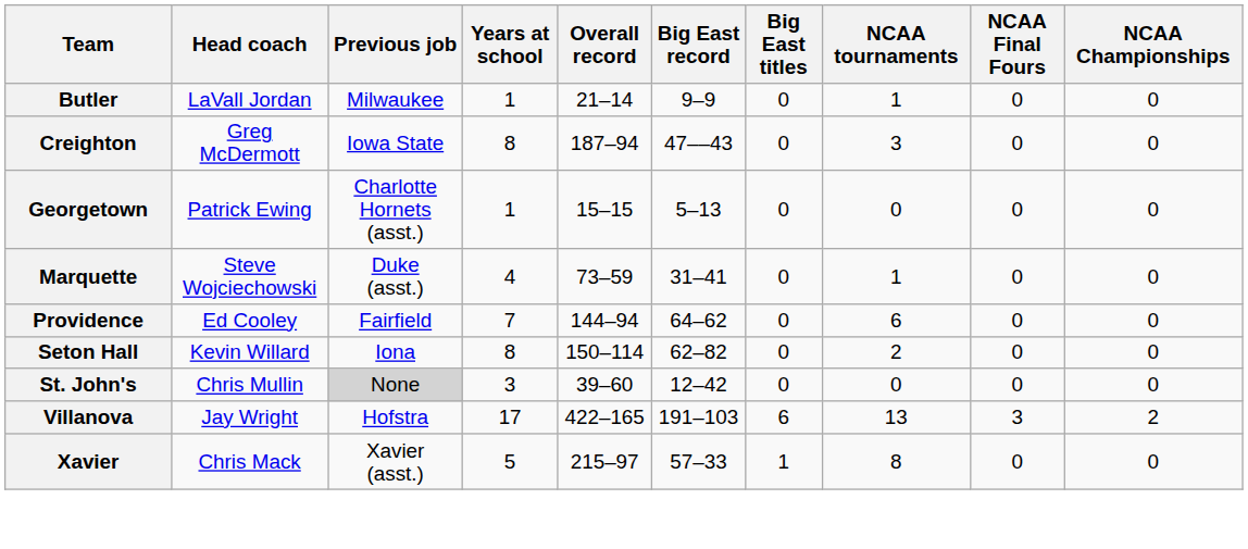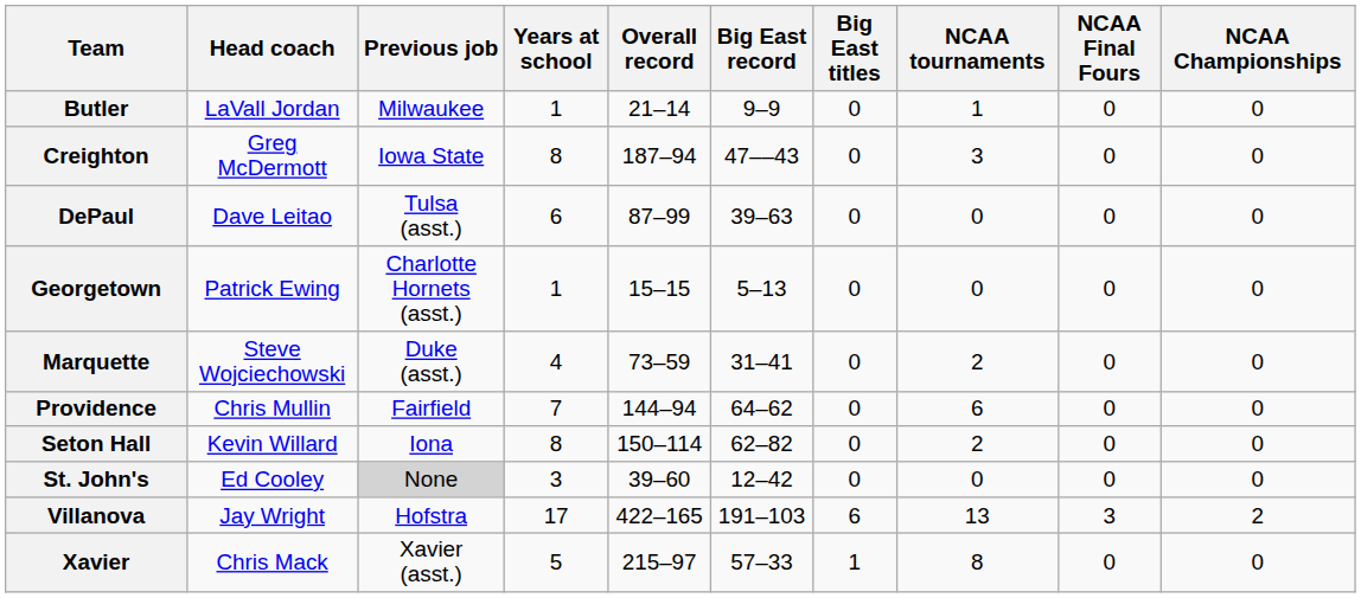 <table class="wikitable sortable" style="text-align: center;font-size:90%;">
 <tr>
 <th width="110">Team</th>
 <th>Head coach</th>
 <th>Previous job</th>
 <th>Years at school</th>
 <th>Overall record</th>
 <th>Big East record</th>
 <th>Big East titles</th>
 <th>NCAA tournaments</th>
 <th>NCAA Final Fours</th>
 <th>NCAA Championships</th>
 </tr>
 <tr>
 <th>Butler</th>
 <td><a href='#'>LaVall Jordan</a></td>
 <td><a href='#'>Milwaukee</a></td>
 <td>1</td>
 <td>21–14</td>
 <td>9–9</td>
 <td>0</td>
 <td>1</td>
 <td>0</td>
 <td>0</td>
 </tr>
 <tr>
 <th>Creighton</th>
 <td><a href='#'>Greg McDermott</a></td>
 <td><a href='#'>Iowa State</a></td>
 <td>8</td>
 <td>187–94</td>
 <td>47––43</td>
 <td>0</td>
 <td>3</td>
 <td>0</td>
 <td>0</td>
 </tr>
 <tr>
+<th>DePaul</th>
+<td><a href='#'>Dave Leitao</a></td>
+<td><a href='#'>Tulsa</a><br>(asst.)</td>
+<td>6</td>
+<td>87–99</td>
+<td>39–63</td>
+<td>0</td>
+<td>0</td>
+<td>0</td>
+<td>0</td>
+</tr>
+<tr>
 <th>Georgetown</th>
 <td><a href='#'>Patrick Ewing</a></td>
 <td><a href='#'>Charlotte Hornets</a> (asst.)</td>
 <td>1</td>
 <td>15–15</td>
 <td>5–13</td>
 <td>0</td>
 <td>0</td>
 <td>0</td>
 <td>0</td>
 </tr>
 <tr>
 <th style=>Marquette</th>
 <td><a href='#'>Steve Wojciechowski</a></td>
 <td><a href='#'>Duke</a><br>(asst.)</td>
 <td>4</td>
 <td>73–59</td>
 <td>31–41</td>
 <td>0</td>
-<td>1</td>
+<td>2</td>
 <td>0</td>
 <td>0</td>
 </tr>
 <tr>
 <th style=>Providence</th>
-<td><a href='#'>Ed Cooley</a></td>
+<td><a href='#'>Chris Mullin</a></td>
 <td><a href='#'>Fairfield</a></td>
 <td>7</td>
 <td>144–94</td>
 <td>64–62</td>
 <td>0</td>
 <td>6</td>
 <td>0</td>
 <td>0</td>
 </tr>
 <tr>
 <th>Seton Hall</th>
 <td><a href='#'>Kevin Willard</a></td>
 <td><a href='#'>Iona</a></td>
 <td>8</td>
 <td>150–114</td>
 <td>62–82</td>
 <td>0</td>
 <td>2</td>
 <td>0</td>
 <td>0</td>
 </tr>
 <tr>
 <th>St. John's</th>
-<td><a href='#'>Chris Mullin</a></td>
+<td><a href='#'>Ed Cooley</a></td>
 <td style="background: lightgrey;">None</td>
 <td>3</td>
 <td>39–60</td>
 <td>12–42</td>
 <td>0</td>
 <td>0</td>
 <td>0</td>
 <td>0</td>
 </tr>
 <tr>
 <th>Villanova</th>
 <td><a href='#'>Jay Wright</a></td>
 <td><a href='#'>Hofstra</a></td>
 <td>17</td>
 <td>422–165</td>
 <td>191–103</td>
 <td>6</td>
 <td>13</td>
 <td>3</td>
 <td>2</td>
 </tr>
 <tr>
 <th>Xavier</th>
 <td><a href='#'>Chris Mack</a></td>
 <td>Xavier<br>(asst.)</td>
 <td>5</td>
 <td>215–97</td>
 <td>57–33</td>
 <td>1</td>
 <td>8</td>
 <td>0</td>
 <td>0</td>
 </tr>
 </table>
